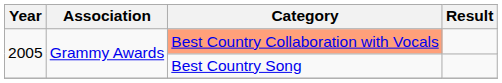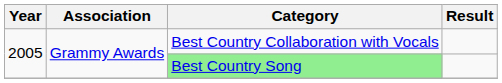 <table class="wikitable plainrowheaders">
 <tr>
 <th>Year</th>
 <th>Association</th>
 <th>Category</th>
 <th>Result</th>
 </tr>
 <tr>
 <td rowspan="2">2005</td>
 <td rowspan="2"><a href='#'>Grammy Awards</a></td>
-<td style="background: lightsalmon;"><a href='#'>Best Country Collaboration with Vocals</a></td>
+<td><a href='#'>Best Country Collaboration with Vocals</a></td>
 <td></td>
 </tr>
 <tr>
-<td><a href='#'>Best Country Song</a></td>
+<td style="background: lightgreen;"><a href='#'>Best Country Song</a></td>
 <td></td>
 </tr>
 <tr>
 </tr>
 </table>
